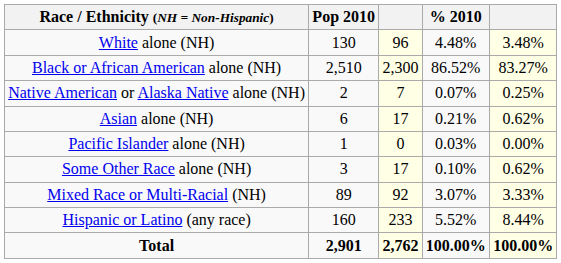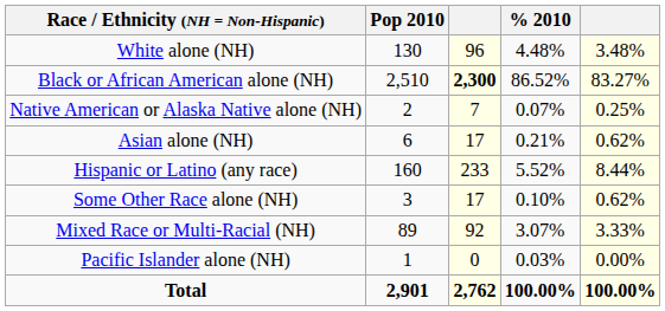 <table class="wikitable" style="text-align:center;">
 <tr>
 <th>Race / Ethnicity <small>(<em>NH = Non-Hispanic</em>)</small></th>
 <th>Pop 2010</th>
 <th></th>
 <th>% 2010</th>
 <th></th>
 </tr>
 <tr>
 <td><a href='#'>White</a> alone (NH)</td>
 <td>130</td>
 <td style='background: #ffffe6;'>96</td>
 <td>4.48%</td>
 <td style='background: #ffffe6;'>3.48%</td>
 </tr>
 <tr>
 <td><a href='#'>Black or African American</a> alone (NH)</td>
 <td>2,510</td>
-<td style='background: #ffffe6;'>2,300</td>
+<td style='background: #ffffe6;'><strong>2,300</strong></td>
 <td>86.52%</td>
 <td style='background: #ffffe6;'>83.27%</td>
 </tr>
 <tr>
 <td><a href='#'>Native American</a> or <a href='#'>Alaska Native</a> alone (NH)</td>
 <td>2</td>
 <td style='background: #ffffe6;'>7</td>
 <td>0.07%</td>
 <td style='background: #ffffe6;'>0.25%</td>
 </tr>
 <tr>
 <td><a href='#'>Asian</a> alone (NH)</td>
 <td>6</td>
 <td style='background: #ffffe6;'>17</td>
 <td>0.21%</td>
 <td style='background: #ffffe6;'>0.62%</td>
 </tr>
 <tr>
-<td><a href='#'>Pacific Islander</a> alone (NH)</td>
-<td>1</td>
-<td style='background: #ffffe6;'>0</td>
-<td>0.03%</td>
-<td style='background: #ffffe6;'>0.00%</td>
+<td><a href='#'>Hispanic or Latino</a> (any race)</td>
+<td>160</td>
+<td style='background: #ffffe6;'>233</td>
+<td>5.52%</td>
+<td style='background: #ffffe6;'>8.44%</td>
 </tr>
 <tr>
 <td><a href='#'>Some Other Race</a> alone (NH)</td>
 <td>3</td>
 <td style='background: #ffffe6;'>17</td>
 <td>0.10%</td>
 <td style='background: #ffffe6;'>0.62%</td>
 </tr>
 <tr>
 <td><a href='#'>Mixed Race or Multi-Racial</a> (NH)</td>
 <td>89</td>
 <td style='background: #ffffe6;'>92</td>
 <td>3.07%</td>
 <td style='background: #ffffe6;'>3.33%</td>
 </tr>
 <tr>
-<td><a href='#'>Hispanic or Latino</a> (any race)</td>
-<td>160</td>
-<td style='background: #ffffe6;'>233</td>
-<td>5.52%</td>
-<td style='background: #ffffe6;'>8.44%</td>
+<td><a href='#'>Pacific Islander</a> alone (NH)</td>
+<td>1</td>
+<td style='background: #ffffe6;'>0</td>
+<td>0.03%</td>
+<td style='background: #ffffe6;'>0.00%</td>
 </tr>
 <tr>
 <td><strong>Total</strong></td>
 <td><strong>2,901</strong></td>
 <td style='background: #ffffe6;'><strong>2,762</strong></td>
 <td><strong>100.00%</strong></td>
 <td style='background: #ffffe6;'><strong>100.00%</strong></td>
 </tr>
 </table>
